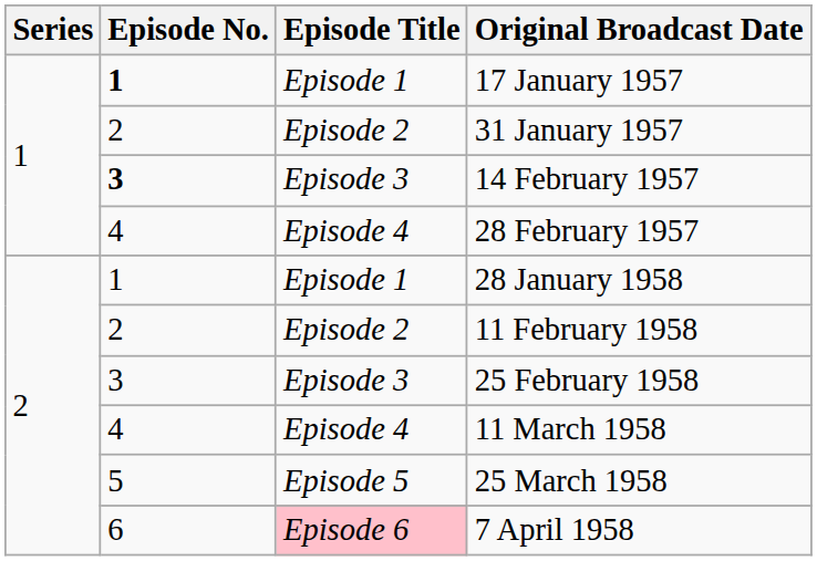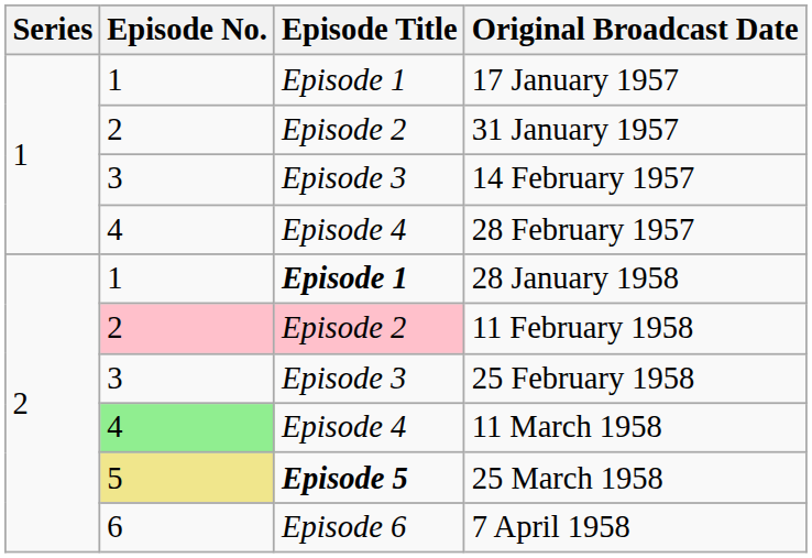 <table class="wikitable">
 <tr>
 <th>Series</th>
 <th>Episode No.</th>
 <th>Episode Title</th>
 <th>Original Broadcast Date</th>
 </tr>
 <tr>
 <td rowspan="4">1</td>
-<td><strong>1</strong></td>
+<td>1</td>
 <td><em>Episode 1 </em></td>
 <td>17 January 1957</td>
 </tr>
 <tr>
 <td>2</td>
 <td><em>Episode 2 </em></td>
 <td>31 January 1957</td>
 </tr>
 <tr>
-<td><strong>3</strong></td>
+<td>3</td>
 <td><em>Episode 3 </em></td>
 <td>14 February 1957</td>
 </tr>
 <tr>
 <td>4</td>
 <td><em>Episode 4 </em></td>
 <td>28 February 1957</td>
 </tr>
 <tr>
 <td rowspan="6">2</td>
 <td>1</td>
-<td><em>Episode 1 </em></td>
+<td><strong><em>Episode 1 </em></strong></td>
 <td>28 January 1958</td>
 </tr>
 <tr>
-<td>2</td>
-<td><em>Episode 2 </em></td>
+<td style="background: pink;">2</td>
+<td style="background: pink;"><em>Episode 2 </em></td>
 <td>11 February 1958</td>
 </tr>
 <tr>
 <td>3</td>
 <td><em>Episode 3 </em></td>
 <td>25 February 1958</td>
 </tr>
 <tr>
-<td>4</td>
+<td style="background: lightgreen;">4</td>
 <td><em>Episode 4 </em></td>
 <td>11 March 1958</td>
 </tr>
 <tr>
-<td>5</td>
-<td><em>Episode 5 </em></td>
+<td style="background: khaki;">5</td>
+<td><strong><em>Episode 5 </em></strong></td>
 <td>25 March 1958</td>
 </tr>
 <tr>
 <td>6</td>
-<td style="background: pink;"><em>Episode 6 </em></td>
+<td><em>Episode 6 </em></td>
 <td>7 April 1958</td>
 </tr>
 </table>
